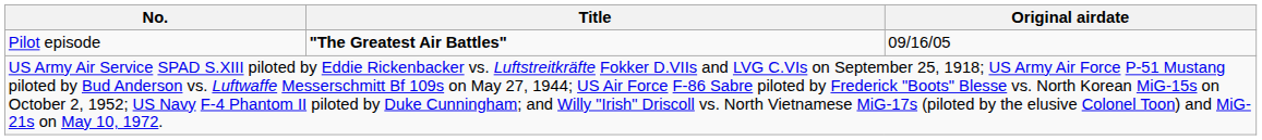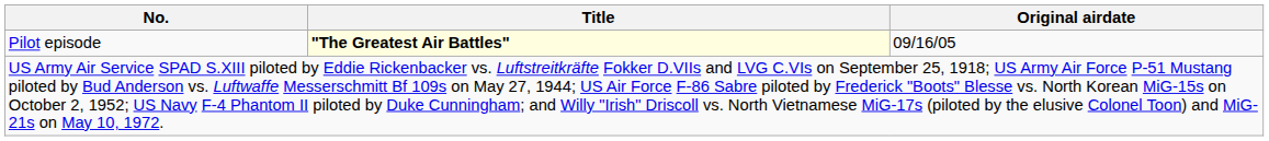 <table class="wikitable">
 <tr>
 <th>No.</th>
 <th>Title</th>
 <th>Original airdate</th>
 </tr>
 <tr>
 <td><a href='#'>Pilot</a> episode</td>
-<td><strong>"The Greatest Air Battles"</strong></td>
+<td style="background: lightyellow;"><strong>"The Greatest Air Battles"</strong></td>
 <td>09/16/05</td>
 </tr>
 <tr>
 <td colspan="3"><a href='#'>US Army Air Service</a> <a href='#'>SPAD S.XIII</a> piloted by <a href='#'>Eddie Rickenbacker</a> vs. <em><a href='#'>Luftstreitkräfte</a></em> <a href='#'>Fokker D.VIIs</a> and <a href='#'>LVG C.VIs</a> on September 25, 1918; <a href='#'>US Army Air Force</a> <a href='#'>P-51 Mustang</a> piloted by <a href='#'>Bud Anderson</a> vs. <em><a href='#'>Luftwaffe</a></em> <a href='#'>Messerschmitt Bf 109s</a> on May 27, 1944; <a href='#'>US Air Force</a> <a href='#'>F-86 Sabre</a> piloted by <a href='#'>Frederick "Boots" Blesse</a> vs. North Korean <a href='#'>MiG-15s</a> on October 2, 1952; <a href='#'>US Navy</a> <a href='#'>F-4 Phantom II</a> piloted by <a href='#'>Duke Cunningham</a>; and <a href='#'>Willy "Irish" Driscoll</a> vs. North Vietnamese <a href='#'>MiG-17s</a> (piloted by the elusive <a href='#'>Colonel Toon</a>) and <a href='#'>MiG-21s</a> on <a href='#'>May 10, 1972</a>.</td>
 </tr>
 </table>
